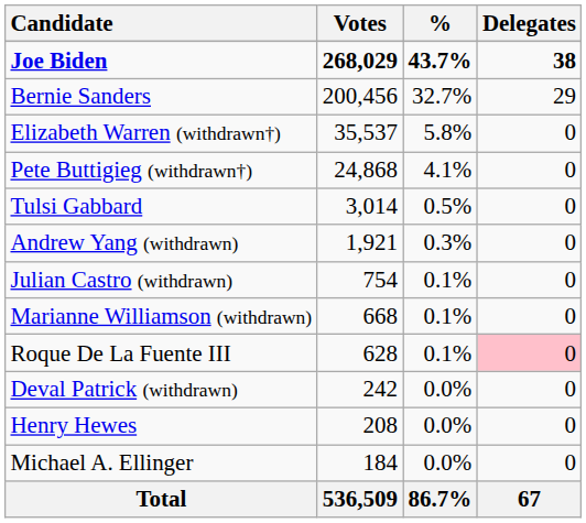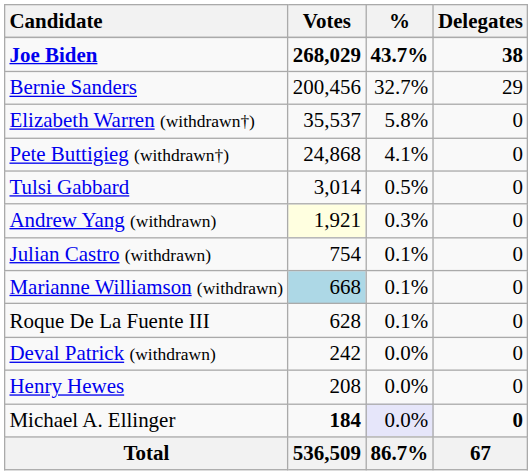 <table class="wikitable sortable" style="text-align:right;">
 <tr>
 <th style="text-align:left;">Candidate</th>
 <th>Votes</th>
 <th>%</th>
 <th>Delegates</th>
 </tr>
 <tr>
 </tr>
 <tr>
 <td style="text-align:left;" data-sort-name="Biden, Joe"><strong><a href='#'>Joe Biden</a></strong></td>
 <td><strong>268,029</strong></td>
 <td><strong>43.7%</strong></td>
 <td><strong>38</strong></td>
 </tr>
 <tr>
 <td style="text-align:left;" data-sort-name="Sanders, Bernie"><a href='#'>Bernie Sanders</a></td>
 <td>200,456</td>
 <td>32.7%</td>
 <td>29</td>
 </tr>
 <tr>
 <td style="text-align:left;" data-sort-name="Warren, Elizabeth"><a href='#'>Elizabeth Warren</a> <small>(withdrawn†)</small></td>
 <td>35,537</td>
 <td>5.8%</td>
 <td>0</td>
 </tr>
 <tr>
 <td style="text-align:left;" data-sort-name="Buttigieg, Pete"><a href='#'>Pete Buttigieg</a> <small>(withdrawn†)</small></td>
 <td>24,868</td>
 <td>4.1%</td>
 <td>0</td>
 </tr>
 <tr>
 <td style="text-align:left;" data-sort-name="Gabbard, Tulsi"><a href='#'>Tulsi Gabbard</a></td>
 <td>3,014</td>
 <td>0.5%</td>
 <td>0</td>
 </tr>
 <tr>
 <td style="text-align:left;" data-sort-name="Yang, Andrew"><a href='#'>Andrew Yang</a> <small>(withdrawn)</small></td>
-<td>1,921</td>
+<td style="background: lightyellow;">1,921</td>
 <td>0.3%</td>
 <td>0</td>
 </tr>
 <tr>
 <td style="text-align:left;" data-sort-name="Castro, Julian"><a href='#'>Julian Castro</a> <small>(withdrawn)</small></td>
 <td>754</td>
 <td>0.1%</td>
 <td>0</td>
 </tr>
 <tr>
 <td style="text-align:left;" data-sort-name="Williamson, Marianne"><a href='#'>Marianne Williamson</a> <small>(withdrawn)</small></td>
-<td>668</td>
+<td style="background: lightblue;">668</td>
 <td>0.1%</td>
 <td>0</td>
 </tr>
 <tr>
 <td style="text-align:left;" data-sort-name="De La Fuente III, Roque">Roque De La Fuente III</td>
 <td>628</td>
 <td>0.1%</td>
-<td style="background: pink;">0</td>
+<td>0</td>
 </tr>
 <tr>
 <td style="text-align:left;" data-sort-name="Patrick, Deval"><a href='#'>Deval Patrick</a> <small>(withdrawn)</small></td>
 <td>242</td>
 <td>0.0%</td>
 <td>0</td>
 </tr>
 <tr>
 <td style="text-align:left;" data-sort-name="Hewes, Henry"><a href='#'>Henry Hewes</a></td>
 <td>208</td>
 <td>0.0%</td>
 <td>0</td>
 </tr>
 <tr>
 <td style="text-align:left;" data-sort-name="Ellinger, Michael A.">Michael A. Ellinger</td>
-<td>184</td>
-<td>0.0%</td>
-<td>0</td>
+<td><strong>184</strong></td>
+<td style="background: lavender;">0.0%</td>
+<td><strong>0</strong></td>
 </tr>
 <tr>
 <th>Total</th>
 <th>536,509</th>
 <th>86.7%</th>
 <th>67</th>
 </tr>
 </table>
